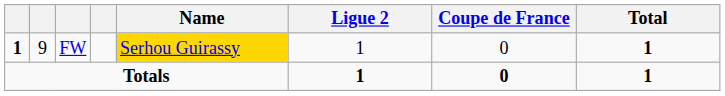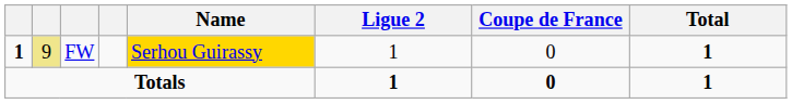 <table class="wikitable" style="text-align:center">
 <tr>
 <th width=15></th>
 <th width=15></th>
 <th width=15></th>
 <th width=15></th>
 <th width=145>Name</th>
 <th width=120><a href='#'>Ligue 2</a></th>
 <th width=120><a href='#'>Coupe de France</a></th>
 <th width=120>Total</th>
 </tr>
 <tr>
 <td><strong>1 </strong></td>
-<td>9</td>
+<td style="background: khaki;">9</td>
 <td><a href='#'>FW</a></td>
 <td></td>
 <td align=left style="background: gold;"><a href='#'>Serhou Guirassy</a></td>
 <td>1</td>
 <td>0</td>
 <td><strong>1 </strong></td>
 </tr>
 <tr>
 <td colspan=5><strong>Totals</strong></td>
 <td><strong>1 </strong></td>
 <td><strong>0 </strong></td>
 <td><strong>1 </strong></td>
 </tr>
 </table>
